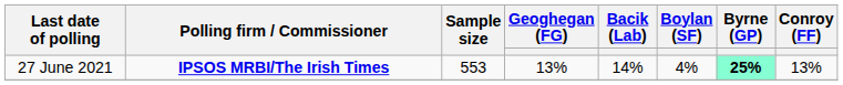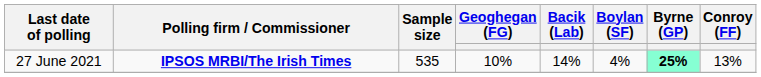 <table class="wikitable sortable collapsible" style="text-align:center;font-size:95%;">
 <tr style="height:42px;">
 <th rowspan="2" style="width:110px;">Last date<br>of polling</th>
 <th rowspan="2" style="width:300px;">Polling firm / Commissioner</th>
 <th rowspan="2" class="unsortable" style="width:50px;">Sample<br>size</th>
 <th class="unsortable" style="width:50px;"><a href='#'>Geoghegan</a> (<a href='#'>FG</a>)</th>
 <th class="unsortable" style="width:50px;"><a href='#'>Bacik</a> (<a href='#'>Lab</a>)</th>
 <th class="unsortable" style="width:50px;"><a href='#'>Boylan</a> (<a href='#'>SF</a>)</th>
 <th class="unsortable" style="width:50px;">Byrne (<a href='#'>GP</a>)</th>
 <th class="unsortable" style="width:50px;">Conroy (<a href='#'>FF</a>)</th>
 </tr>
 <tr>
 <th style="color:inherit;background:"></th>
 <th style="color:inherit;background:"></th>
 <th style="color:inherit;background:"></th>
 <th style="color:inherit;background:"></th>
 <th style="color:inherit;background:"></th>
 </tr>
 <tr>
 <td>27 June 2021</td>
 <td data-sort-value="RedC1"><strong><a href='#'>IPSOS MRBI/The Irish Times</a></strong></td>
-<td>553</td>
-<td>13%</td>
+<td>535</td>
+<td>10%</td>
 <td>14%</td>
 <td>4%</td>
 <td style="background:#86ffd3"><strong>25%</strong></td>
 <td>13%</td>
 </tr>
 <tr>
 </tr>
 </table>
